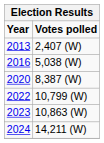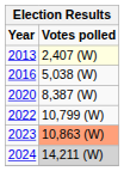 <table class="wikitable" id="toc" : left; margin-left: 2em; width: 40%; font-size: 90%;"cellspacing="3">
 <tr>
 <th colspan="4"><strong>Election Results</strong></th>
 </tr>
 <tr>
 <td><strong>Year</strong></td>
 <td><strong>Votes polled</strong></td>
 </tr>
 <tr>
 <td><a href='#'>2013</a></td>
-<td>2,407 (W)</td>
+<td style="background: lightyellow;">2,407 (W)</td>
 </tr>
 <tr>
 <td><a href='#'>2016</a></td>
 <td>5,038 (W)</td>
 </tr>
 <tr>
 <td><a href='#'>2020</a></td>
 <td>8,387 (W)</td>
 </tr>
 <tr>
 <td><a href='#'>2022</a></td>
 <td>10,799 (W)</td>
 </tr>
 <tr>
 <td><a href='#'>2023</a></td>
-<td>10,863 (W)</td>
+<td style="background: lightsalmon;">10,863 (W)</td>
 </tr>
 <tr>
 <td><a href='#'>2024</a></td>
-<td>14,211 (W)</td>
+<td style="background: lightgrey;">14,211 (W)</td>
 </tr>
 <tr>
 </tr>
 </table>
